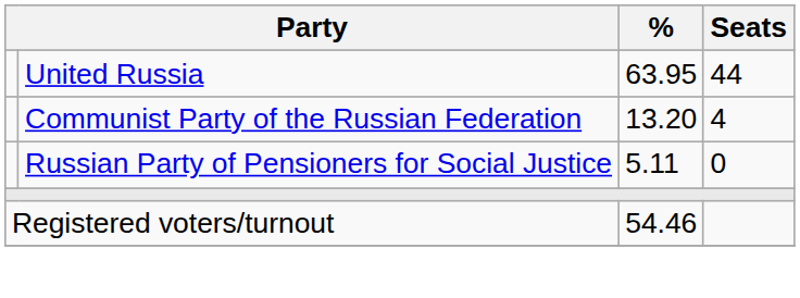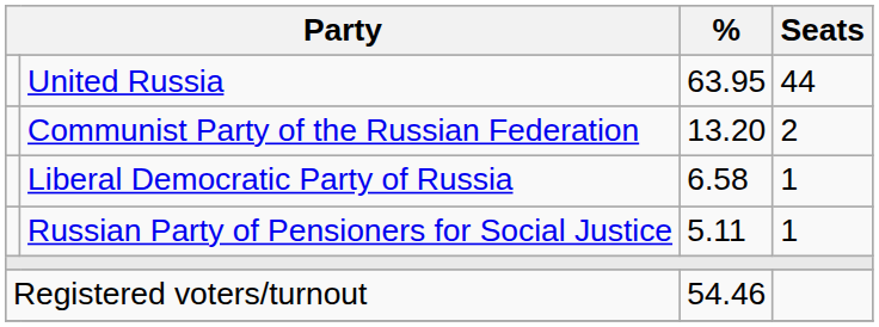 <table class="wikitable">
 <tr>
 <th colspan=2>Party</th>
 <th>%</th>
 <th>Seats</th>
 </tr>
 <tr>
 <td style="background:"></td>
 <td><a href='#'>United Russia</a></td>
 <td>63.95</td>
 <td>44</td>
 </tr>
 <tr>
 <td style="background:"></td>
 <td><a href='#'>Communist Party of the Russian Federation</a></td>
 <td>13.20</td>
-<td>4</td>
+<td>2</td>
+</tr>
+<tr>
+<td style="background:"></td>
+<td><a href='#'>Liberal Democratic Party of Russia</a></td>
+<td>6.58</td>
+<td>1</td>
 </tr>
 <tr>
 <td style="background:"></td>
 <td><a href='#'>Russian Party of Pensioners for Social Justice</a></td>
 <td>5.11</td>
-<td>0</td>
+<td>1</td>
 </tr>
 <tr>
 <td colspan=4 style="background:#E9E9E9;"></td>
 </tr>
 <tr>
 <td align=left colspan=2>Registered voters/turnout</td>
 <td>54.46</td>
 <td></td>
 </tr>
 <tr>
 </tr>
 </table>
